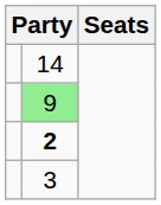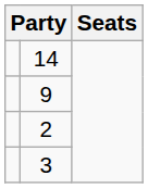 <table class="wikitable" style="font-size: 95%;">
 <tr>
 <th colspan=2>Party</th>
 <th>Seats</th>
 </tr>
 <tr>
 <td></td>
 <td align="center">14</td>
 </tr>
 <tr>
 <td></td>
-<td align="center" style="background: lightgreen;">9</td>
+<td align="center">9</td>
 </tr>
 <tr>
 <td></td>
-<td align="center"><strong>2</strong></td>
+<td align="center">2</td>
 </tr>
 <tr>
 <td></td>
 <td align="center">3</td>
 </tr>
 </table>
